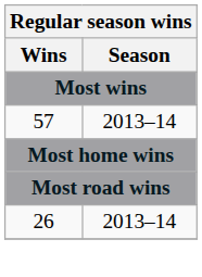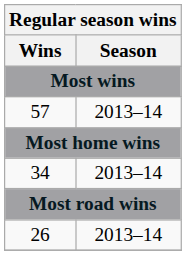 <table class="wikitable" style="text-align:center">
 <tr>
 <th colspan="2">Regular season wins</th>
 </tr>
 <tr>
 <th>Wins</th>
 <th>Season</th>
 </tr>
 <tr>
 <th colspan="2" style="text-align:center; background:#A1A1A4; color:#061922;">Most wins</th>
 </tr>
 <tr>
 <td>57</td>
 <td>2013–14</td>
 </tr>
 <tr>
 <th colspan="2" style="text-align:center; background:#A1A1A4; color:#061922;">Most home wins</th>
 </tr>
 <tr>
+<td>34</td>
+<td>2013–14</td>
+</tr>
+<tr>
 <th colspan="2" style="text-align:center; background:#A1A1A4; color:#061922;">Most road wins</th>
 </tr>
 <tr>
 <td>26</td>
 <td>2013–14</td>
 </tr>
 <tr>
 </tr>
 </table>
